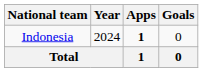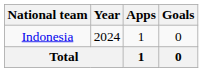 <table class="wikitable" style="text-align:center">
 <tr>
 <th>National team</th>
 <th>Year</th>
 <th>Apps</th>
 <th>Goals</th>
 </tr>
 <tr>
 <td><a href='#'>Indonesia</a></td>
 <td>2024</td>
-<td><strong>1</strong></td>
+<td>1</td>
 <td>0</td>
 </tr>
 <tr>
 <th colspan=2>Total</th>
 <th>1</th>
 <th>0</th>
 </tr>
 </table>
